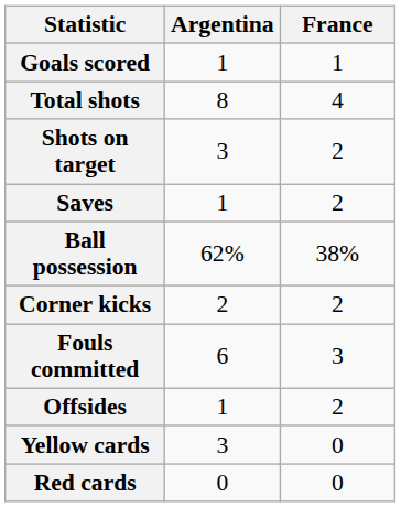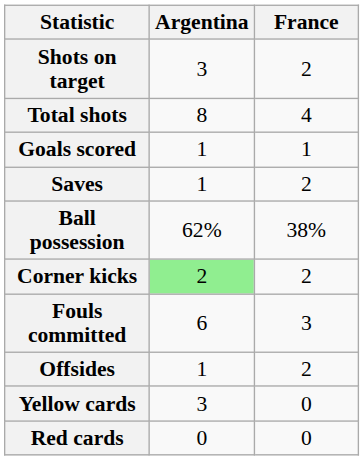 <table class="wikitable plainrowheaders" style="text-align:center; display:inline-table;">
 <tr>
 <th scope="col" style="width:100px">Statistic</th>
 <th scope="col" style="width:70px">Argentina</th>
 <th scope="col" style="width:70px">France</th>
 </tr>
 <tr>
-<th scope=row>Goals scored</th>
-<td>1</td>
-<td>1</td>
+<th scope=row>Shots on target</th>
+<td>3</td>
+<td>2</td>
 </tr>
 <tr>
 <th scope=row>Total shots</th>
 <td>8</td>
 <td>4</td>
 </tr>
 <tr>
-<th scope=row>Shots on target</th>
-<td>3</td>
-<td>2</td>
+<th scope=row>Goals scored</th>
+<td>1</td>
+<td>1</td>
 </tr>
 <tr>
 <th scope=row>Saves</th>
 <td>1</td>
 <td>2</td>
 </tr>
 <tr>
 <th scope=row>Ball possession</th>
 <td>62%</td>
 <td>38%</td>
 </tr>
 <tr>
 <th scope=row>Corner kicks</th>
-<td>2</td>
+<td style="background: lightgreen;">2</td>
 <td>2</td>
 </tr>
 <tr>
 <th scope=row>Fouls committed</th>
 <td>6</td>
 <td>3</td>
 </tr>
 <tr>
 <th scope=row>Offsides</th>
 <td>1</td>
 <td>2</td>
 </tr>
 <tr>
 <th scope=row>Yellow cards</th>
 <td>3</td>
 <td>0</td>
 </tr>
 <tr>
 <th scope=row>Red cards</th>
 <td>0</td>
 <td>0</td>
 </tr>
 </table>
